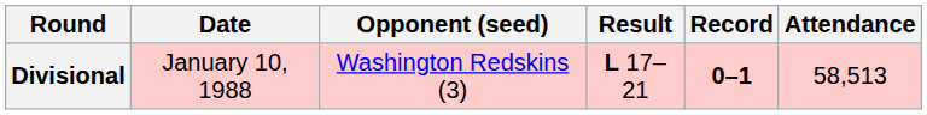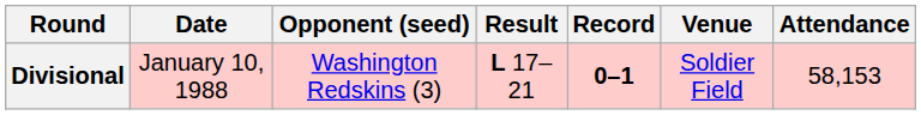 <table class="wikitable" style="text-align:center">
 <tr>
 <th>Round</th>
 <th>Date</th>
 <th>Opponent (seed)</th>
 <th>Result</th>
 <th>Record</th>
+<th>Venue</th>
 <th>Attendance</th>
 </tr>
 <tr style="background:#fcc">
 <th>Divisional</th>
 <td>January 10, 1988</td>
 <td><a href='#'>Washington Redskins</a> (3)</td>
 <td><strong>L</strong> 17–21</td>
 <td><strong>0–1</strong></td>
-<td>58,513</td>
+<td><a href='#'>Soldier Field</a></td>
+<td>58,153</td>
 </tr>
 </table>
